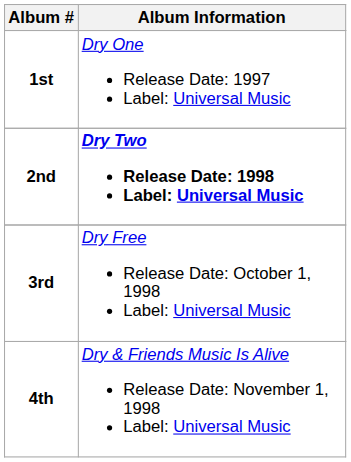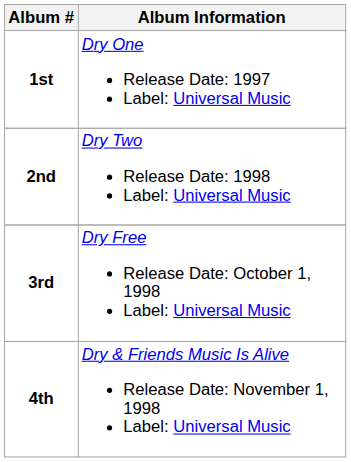 <table class="wikitable">
 <tr>
 <th align-"left">Album #</th>
 <th align="left" width="250px">Album Information</th>
 </tr>
 <tr>
 </tr>
 <tr bgcolor="#FFFFFF">
 <td align="center"><strong>1st</strong></td>
 <td align="left"><em><a href='#'>Dry One</a></em><br><ul><li>Release Date: 1997</li><li>Label: <a href='#'>Universal Music</a></li></ul></td>
 </tr>
 <tr>
 </tr>
 <tr bgcolor="#FFFFFF">
 <td align="center"><strong>2nd</strong></td>
-<td align="left"><strong><em><a href='#'>Dry Two</a></em><br><ul><li>Release Date: 1998</li><li>Label: <a href='#'>Universal Music</a></li></ul></strong></td>
+<td align="left"><em><a href='#'>Dry Two</a></em><br><ul><li>Release Date: 1998</li><li>Label: <a href='#'>Universal Music</a></li></ul></td>
 </tr>
 <tr>
 </tr>
 <tr bgcolor="#FFFFFF">
 <td align="center"><strong>3rd</strong></td>
 <td align="left"><em><a href='#'>Dry Free</a></em><br><ul><li>Release Date: October 1, 1998</li><li>Label: <a href='#'>Universal Music</a></li></ul></td>
 </tr>
 <tr>
 </tr>
 <tr bgcolor="#FFFFFF">
 <td align="center"><strong>4th</strong></td>
 <td align="left"><em><a href='#'>Dry & Friends Music Is Alive</a></em><br><ul><li>Release Date: November 1, 1998</li><li>Label: <a href='#'>Universal Music</a></li></ul></td>
 </tr>
 </table>
